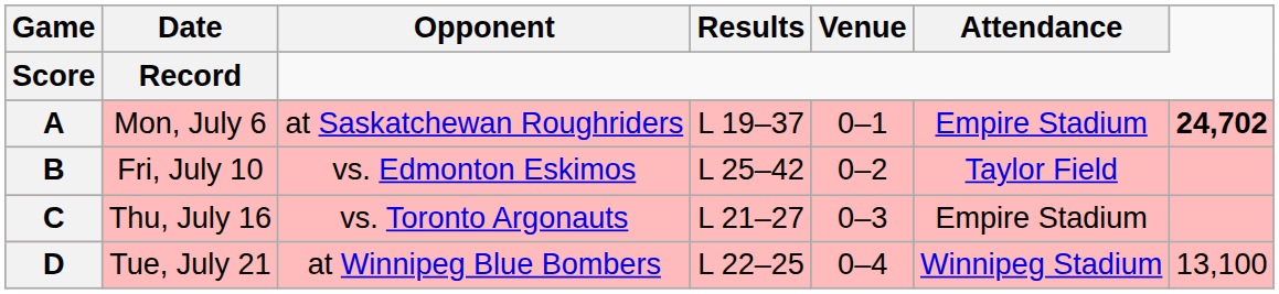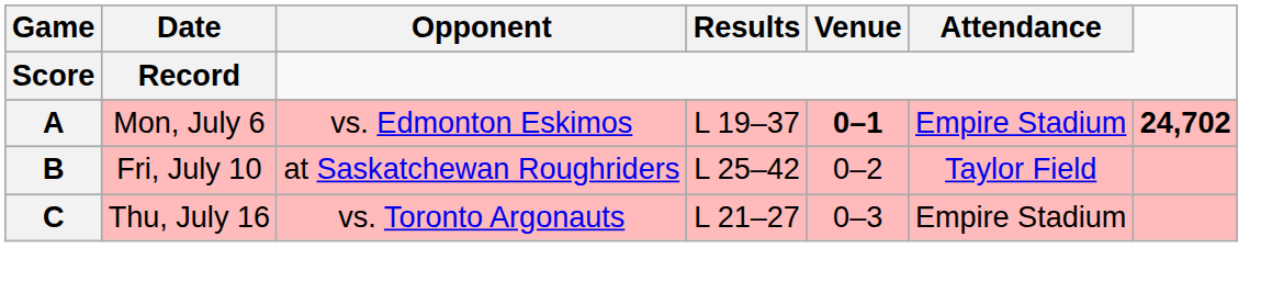 <table class="wikitable" style="text-align:center">
 <tr>
 <th>Game</th>
 <th>Date</th>
 <th>Opponent</th>
 <th>Results</th>
 <th>Venue</th>
 <th>Attendance</th>
 </tr>
 <tr>
 <th>Score</th>
 <th>Record</th>
 </tr>
 <tr style="background:#ffbbbb">
 <th>A</th>
 <td>Mon, July 6</td>
-<td>at <a href='#'>Saskatchewan Roughriders</a></td>
+<td>vs. <a href='#'>Edmonton Eskimos</a></td>
 <td>L 19–37</td>
-<td>0–1</td>
+<td><strong>0–1</strong></td>
 <td><a href='#'>Empire Stadium</a></td>
 <td><strong>24,702</strong></td>
 </tr>
 <tr style="background:#ffbbbb">
 <th>B</th>
 <td>Fri, July 10</td>
-<td>vs. <a href='#'>Edmonton Eskimos</a></td>
+<td>at <a href='#'>Saskatchewan Roughriders</a></td>
 <td>L 25–42</td>
 <td>0–2</td>
 <td><a href='#'>Taylor Field</a></td>
 <td></td>
 </tr>
 <tr style="background:#ffbbbb">
 <th>C</th>
 <td>Thu, July 16</td>
 <td>vs. <a href='#'>Toronto Argonauts</a></td>
 <td>L 21–27</td>
 <td>0–3</td>
 <td>Empire Stadium</td>
 <td></td>
 </tr>
-<tr style="background:#ffbbbb">
-<th>D</th>
-<td>Tue, July 21</td>
-<td>at <a href='#'>Winnipeg Blue Bombers</a></td>
-<td>L 22–25</td>
-<td>0–4</td>
-<td><a href='#'>Winnipeg Stadium</a></td>
-<td>13,100</td>
-</tr>
 </table>
